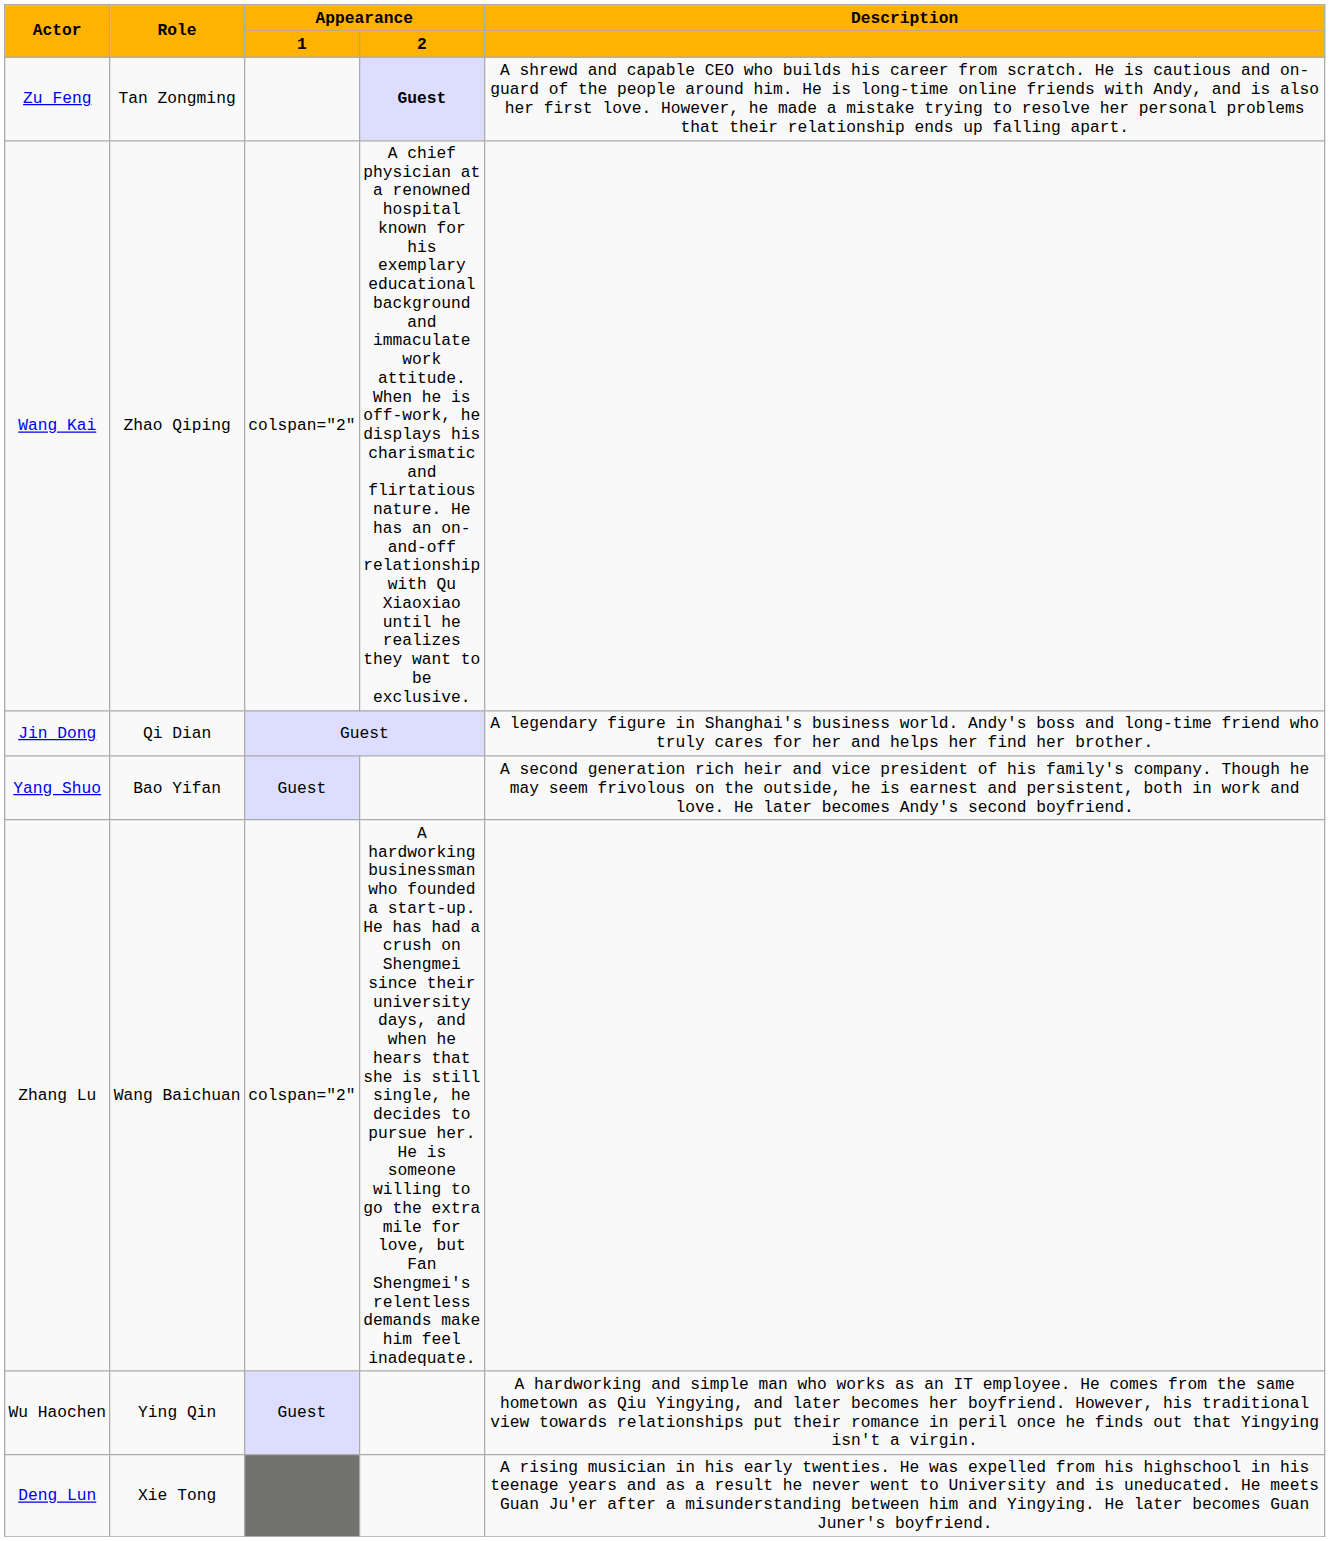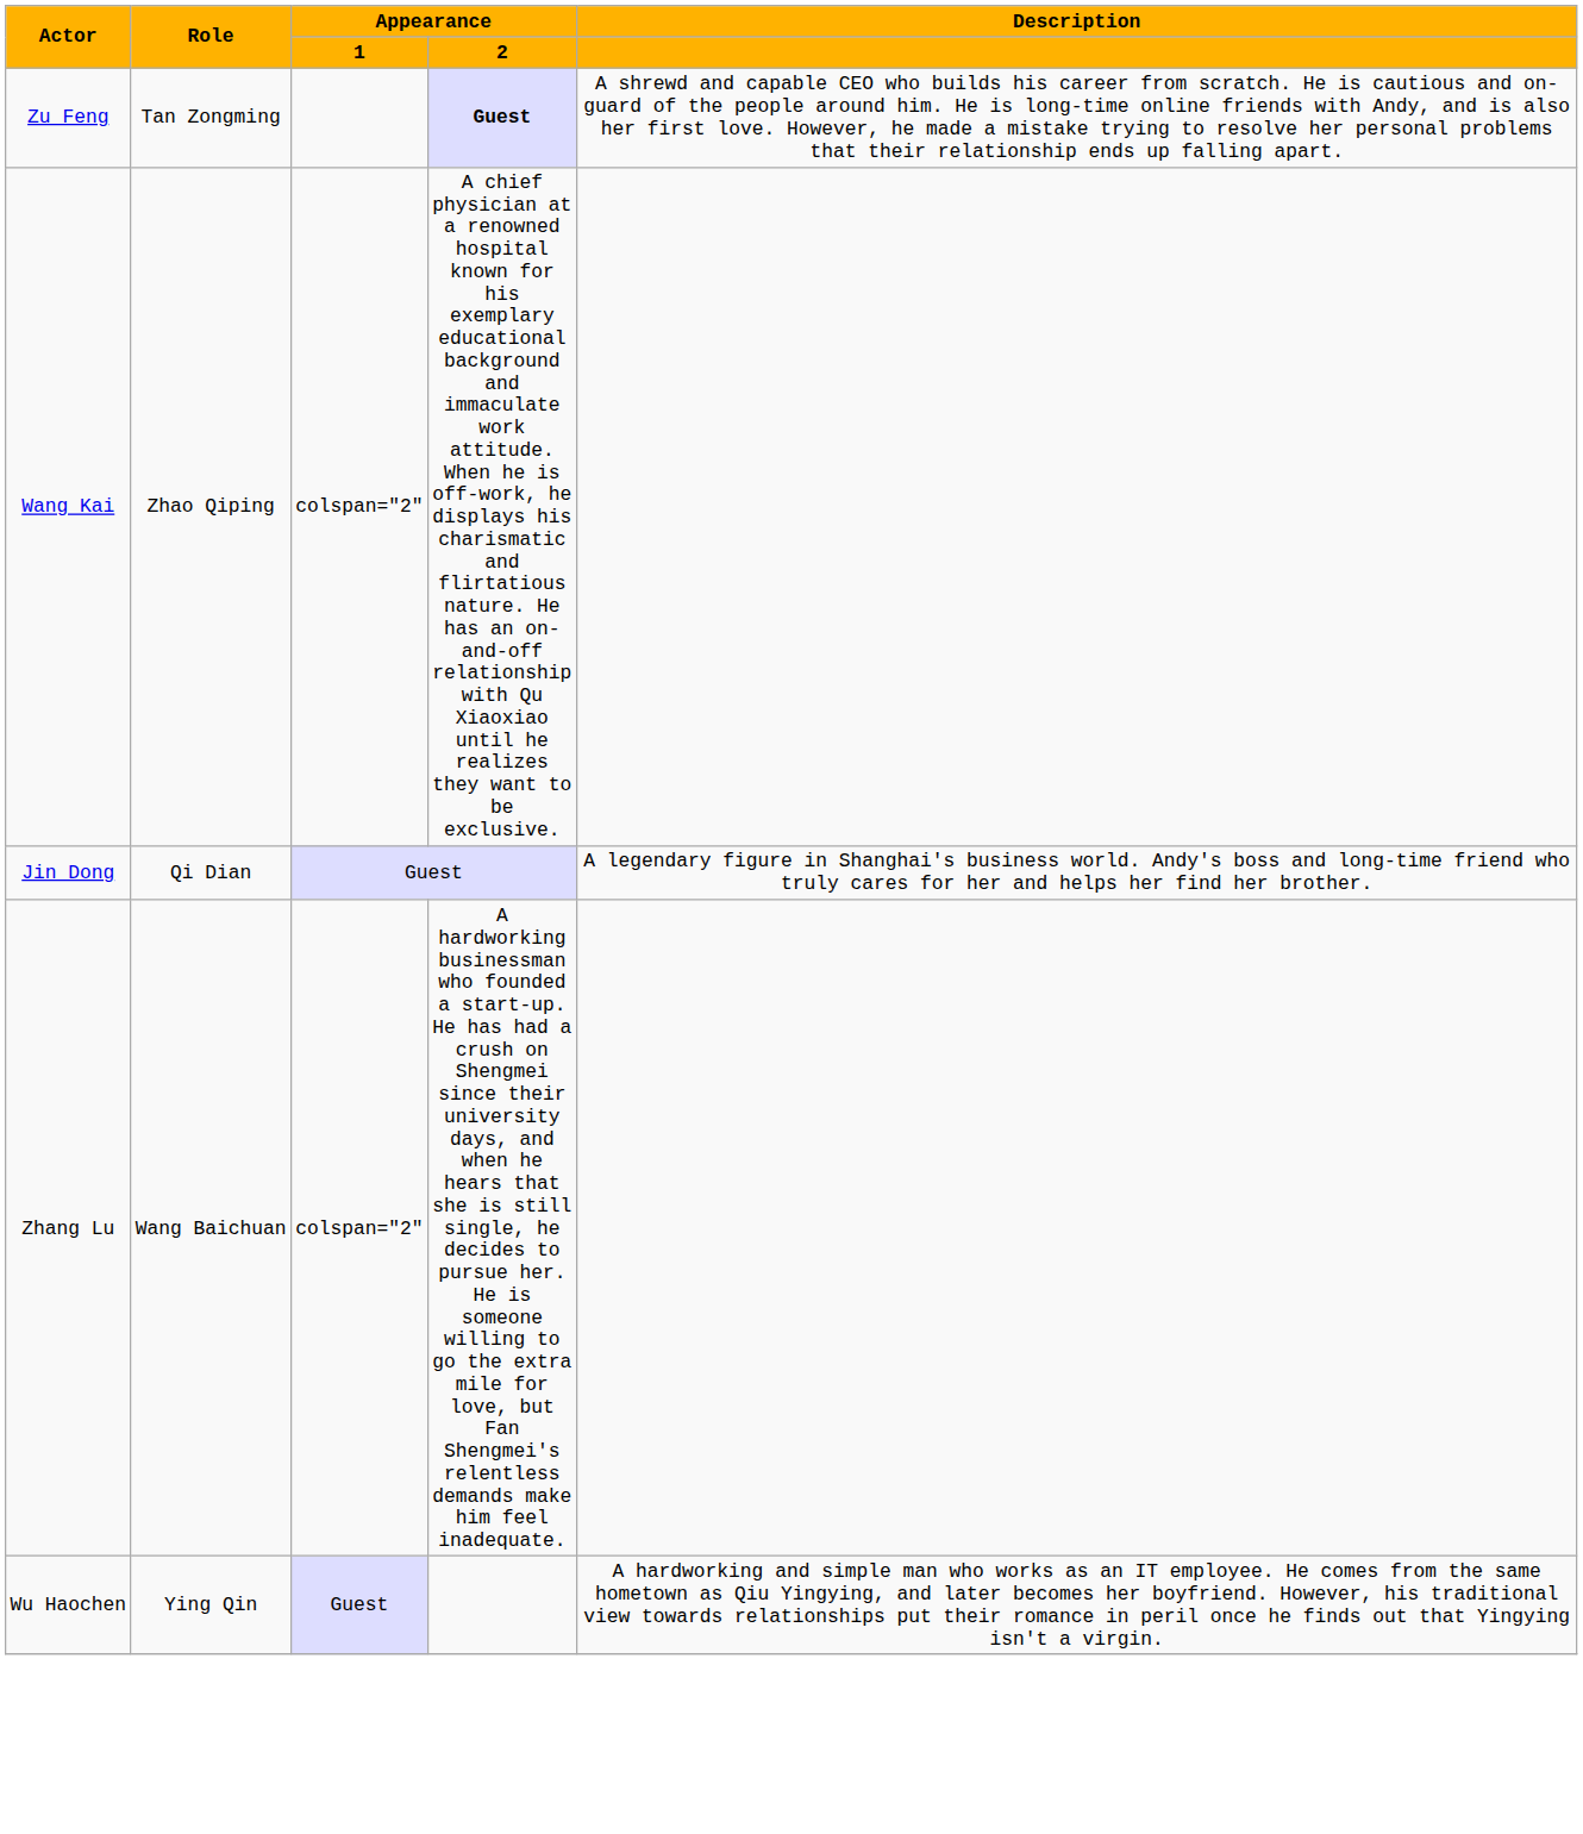 <table class="wikitable" style="text-align:center">
 <tr style="background:#ffb200">
 <td rowspan="2"><strong>Actor</strong></td>
 <td rowspan="2"><strong>Role</strong></td>
 <td colspan="2"><strong>Appearance</strong></td>
 <td><strong>Description</strong></td>
 </tr>
 <tr style="background:#ffb200">
 <td style="width:60pt;"><strong>1</strong></td>
 <td style="width:60pt;"><strong>2</strong></td>
 <td style="width:500pt;"></td>
 </tr>
 <tr>
 <td><a href='#'>Zu Feng</a></td>
 <td>Tan Zongming</td>
 <td></td>
 <td style="background: #ddddff"><strong>Guest</strong></td>
 <td>A shrewd and capable CEO who builds his career from scratch. He is cautious and on-guard of the people around him. He is long-time online friends with Andy, and is also her first love. However, he made a mistake trying to resolve her personal problems that their relationship ends up falling apart.</td>
 </tr>
 <tr>
 <td><a href='#'>Wang Kai</a></td>
 <td>Zhao Qiping</td>
 <td>colspan="2" </td>
 <td>A chief physician at a renowned hospital known for his exemplary educational background and immaculate work attitude. When he is off-work, he displays his charismatic and flirtatious nature. He has an on-and-off relationship with Qu Xiaoxiao until he realizes they want to be exclusive.</td>
 </tr>
 <tr>
 <td><a href='#'>Jin Dong</a></td>
 <td>Qi Dian</td>
 <td style="background: #ddddff" colspan="2">Guest</td>
 <td>A legendary figure in Shanghai's business world. Andy's boss and long-time friend who truly cares for her and helps her find her brother.</td>
 </tr>
 <tr>
-<td><a href='#'>Yang Shuo</a></td>
-<td>Bao Yifan</td>
-<td style="background: #ddddff">Guest</td>
-<td></td>
-<td>A second generation rich heir and vice president of his family's company. Though he may seem frivolous on the outside, he is earnest and persistent, both in work and love. He later becomes Andy's second boyfriend.</td>
-</tr>
-<tr>
 <td>Zhang Lu</td>
 <td>Wang Baichuan</td>
 <td>colspan="2" </td>
 <td>A hardworking businessman who founded a start-up. He has had a crush on Shengmei since their university days, and when he hears that she is still single, he decides to pursue her. He is someone willing to go the extra mile for love, but Fan Shengmei's relentless demands make him feel inadequate.</td>
 </tr>
 <tr>
 <td>Wu Haochen</td>
 <td>Ying Qin</td>
 <td style="background: #ddddff">Guest</td>
 <td></td>
 <td>A hardworking and simple man who works as an IT employee. He comes from the same hometown as Qiu Yingying, and later becomes her boyfriend. However, his traditional view towards relationships put their romance in peril once he finds out that Yingying isn't a virgin.</td>
 </tr>
 <tr>
-<td><a href='#'>Deng Lun</a></td>
-<td>Xie Tong</td>
-<td style="background: #72726f"></td>
-<td></td>
-<td>A rising musician in his early twenties. He was expelled from his highschool in his teenage years and as a result he never went to University and is uneducated. He meets Guan Ju'er after a misunderstanding between him and Yingying. He later becomes Guan Juner's boyfriend.</td>
-</tr>
-<tr>
 </tr>
 </table>
